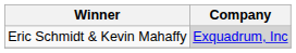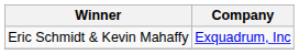 <table class="wikitable">
 <tr>
 <th>Winner</th>
 <th>Company</th>
 </tr>
 <tr>
 <td>Eric Schmidt & Kevin Mahaffy</td>
-<td style="background: lightgrey;"><a href='#'>Exquadrum, Inc</a></td>
+<td><a href='#'>Exquadrum, Inc</a></td>
 </tr>
 <tr>
 </tr>
 </table>
